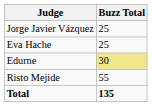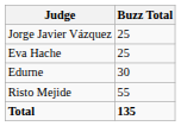 <table class="wikitable">
 <tr>
 <th>Judge</th>
 <th>Buzz Total</th>
 </tr>
 <tr>
 <td>Jorge Javier Vázquez</td>
 <td>25</td>
 </tr>
 <tr>
 <td>Eva Hache</td>
 <td>25</td>
 </tr>
 <tr>
 <td>Edurne</td>
-<td style="background: khaki;">30</td>
+<td>30</td>
 </tr>
 <tr>
 <td>Risto Mejide</td>
 <td>55</td>
 </tr>
 <tr>
 <td><strong>Total</strong></td>
 <td><strong>135</strong></td>
 </tr>
 </table>
